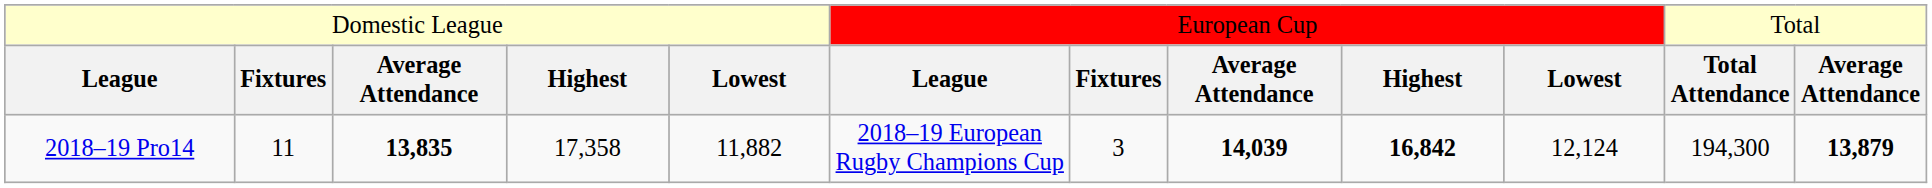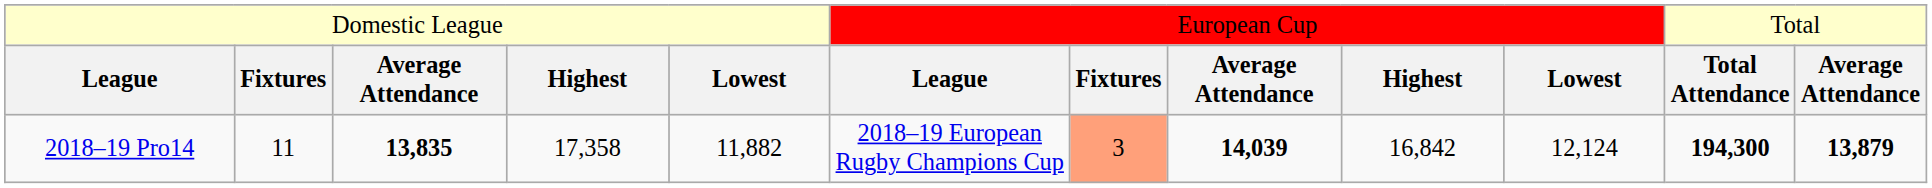 <table class="wikitable sortable" style="font-size:90%; width:90%;">
 <tr>
 <td colspan="5" class="wikitable sortable" style="width:45%; background:#ffffcc; text-align:center;"><span>Domestic League</span></td>
 <td colspan="5" class="wikitable sortable" style="width:45%; background:#f00; text-align:center;"><span>European Cup</span></td>
 <td colspan="2" class="wikitable sortable" style="width:45%; background:#ffffcc; text-align:center;"><span>Total</span></td>
 </tr>
 <tr>
 <th style="width:15%;">League</th>
 <th style="width:5%;">Fixtures</th>
 <th style="width:10%;">Average Attendance</th>
 <th style="width:10%;">Highest</th>
 <th style="width:10%;">Lowest</th>
 <th style="width:15%;">League</th>
 <th style="width:5%;">Fixtures</th>
 <th style="width:10%;">Average Attendance</th>
 <th style="width:10%;">Highest</th>
 <th style="width:10%;">Lowest</th>
 <th style="width:10%;">Total Attendance</th>
 <th style="width:10%;">Average Attendance</th>
 </tr>
 <tr>
 <td align=center><a href='#'>2018–19 Pro14</a></td>
 <td align=center>11</td>
 <td align=center><strong>13,835</strong></td>
 <td align=center>17,358</td>
 <td align=center>11,882</td>
 <td align=center><a href='#'>2018–19 European Rugby Champions Cup</a></td>
-<td align=center>3</td>
+<td align=center style="background: lightsalmon;">3</td>
 <td align=center><strong>14,039</strong></td>
-<td align=center><strong>16,842</strong></td>
+<td align=center>16,842</td>
 <td align=center>12,124</td>
-<td align=center>194,300</td>
+<td align=center><strong>194,300</strong></td>
 <td align=center><strong>13,879</strong></td>
 </tr>
 </table>
